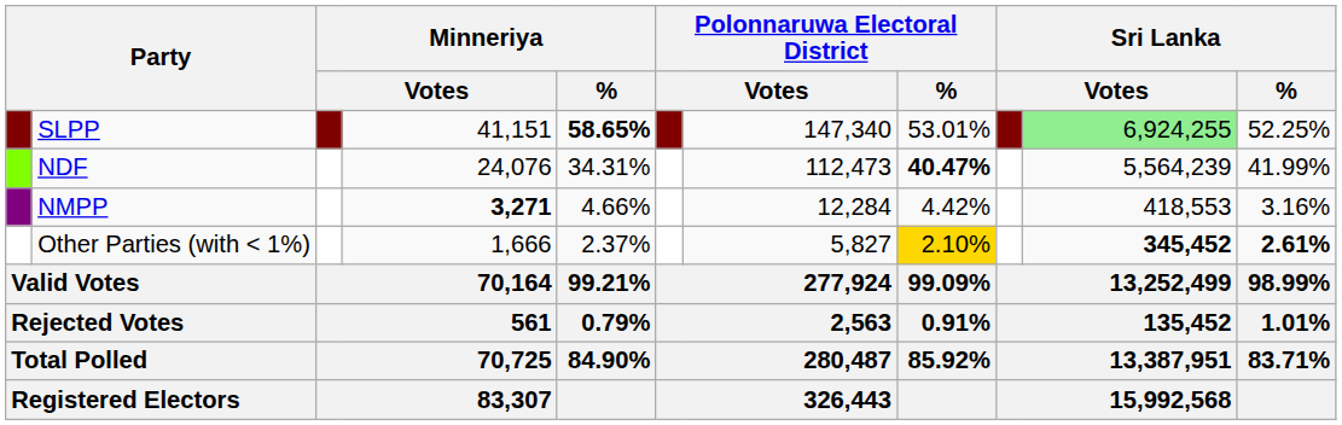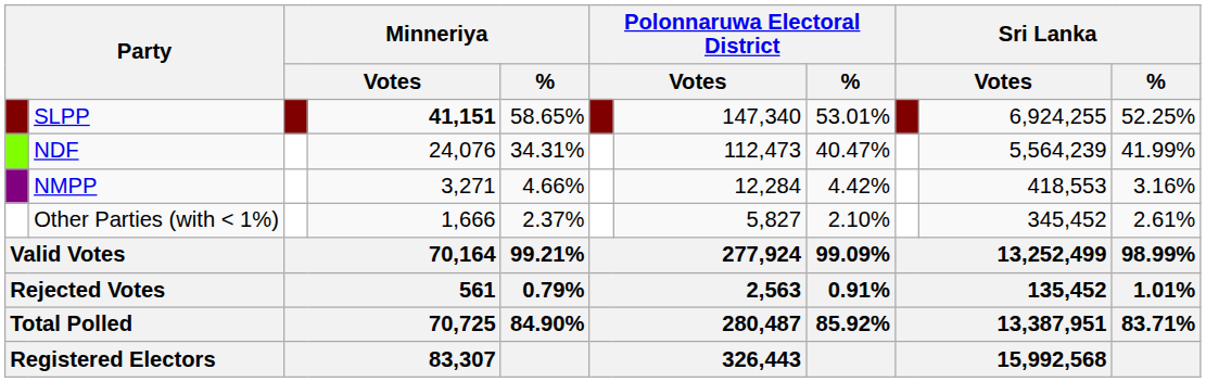 <table class="wikitable">
 <tr>
 <th colspan="2" width="144px"rowspan="2">Party</th>
 <th colspan="3" width="216px">Minneriya</th>
 <th colspan="3" width="216px"><a href='#'>Polonnaruwa Electoral District</a></th>
 <th colspan="3" width="216px">Sri Lanka</th>
 </tr>
 <tr>
 <th colspan="2" width="144px">Votes</th>
 <th>%</th>
 <th colspan="2" width="144px">Votes</th>
 <th>%</th>
 <th colspan="2" width="144px">Votes</th>
 <th>%</th>
 </tr>
 <tr>
 <td style="background-color:maroon;" width="10px"></td>
 <td style="text-align:left;"><a href='#'>SLPP</a></td>
 <td style="background-color:maroon;" width="10px"></td>
-<td style="text-align:right;">41,151</td>
-<td style="text-align:right;"><strong>58.65%</strong></td>
+<td style="text-align:right;"><strong>41,151</strong></td>
+<td style="text-align:right;">58.65%</td>
 <td style="background-color:maroon;" width="10px"></td>
 <td style="text-align:right;">147,340</td>
 <td style="text-align:right;">53.01%</td>
 <td style="background-color:maroon;" width="10px"></td>
-<td style="background: lightgreen; text-align:right;">6,924,255</td>
+<td style="text-align:right;">6,924,255</td>
 <td style="text-align:right;">52.25%</td>
 </tr>
 <tr>
 <td style="background-color:chartreuse;" width="10px"></td>
 <td style="text-align:left;"><a href='#'>NDF</a></td>
 <td style="background-color:white;" width="10px"></td>
 <td style="text-align:right;">24,076</td>
 <td style="text-align:right;">34.31%</td>
 <td style="background-color:white;" width="10px"></td>
 <td style="text-align:right;">112,473</td>
-<td style="text-align:right;"><strong>40.47%</strong></td>
+<td style="text-align:right;">40.47%</td>
 <td style="background-color:white;" width="10px"></td>
 <td style="text-align:right;">5,564,239</td>
 <td style="text-align:right;">41.99%</td>
 </tr>
 <tr>
 <td style="background-color:purple;" width="10px"></td>
 <td style="text-align:left;"><a href='#'>NMPP</a></td>
 <td style="background-color:white;" width="10px"></td>
-<td style="text-align:right;"><strong>3,271</strong></td>
+<td style="text-align:right;">3,271</td>
 <td style="text-align:right;">4.66%</td>
 <td style="background-color:white;" width="10px"></td>
 <td style="text-align:right;">12,284</td>
 <td style="text-align:right;">4.42%</td>
 <td style="background-color:white;" width="10px"></td>
 <td style="text-align:right;">418,553</td>
 <td style="text-align:right;">3.16%</td>
 </tr>
 <tr>
 <td style="background-color:white;" width="10px"></td>
 <td style="text-align:left;">Other Parties (with < 1%)</td>
 <td style="background-color:white;" width="10px"></td>
 <td style="text-align:right;">1,666</td>
 <td style="text-align:right;">2.37%</td>
 <td style="background-color:white;" width="10px"></td>
 <td style="text-align:right;">5,827</td>
-<td style="background: gold; text-align:right;">2.10%</td>
+<td style="text-align:right;">2.10%</td>
 <td style="background-color:white;" width="10px"></td>
-<td style="text-align:right;"><strong>345,452</strong></td>
-<td style="text-align:right;"><strong>2.61%</strong></td>
+<td style="text-align:right;">345,452</td>
+<td style="text-align:right;">2.61%</td>
 </tr>
 <tr>
 <th colspan="2" width="144px"style="text-align:left;">Valid Votes</th>
 <th style="text-align:right;"colspan="2" width="144px">70,164</th>
 <th style="text-align:right;">99.21%</th>
 <th style="text-align:right;"colspan="2" width="144px">277,924</th>
 <th style="text-align:right;">99.09%</th>
 <th style="text-align:right;"colspan="2" width="144px">13,252,499</th>
 <th style="text-align:right;">98.99%</th>
 </tr>
 <tr>
 <th colspan="2" width="144px"style="text-align:left;">Rejected Votes</th>
 <th style="text-align:right;"colspan="2" width="144px">561</th>
 <th style="text-align:right;">0.79%</th>
 <th style="text-align:right;"colspan="2" width="144px">2,563</th>
 <th style="text-align:right;">0.91%</th>
 <th style="text-align:right;"colspan="2" width="144px">135,452</th>
 <th style="text-align:right;">1.01%</th>
 </tr>
 <tr>
 <th colspan="2" width="144px"style="text-align:left;">Total Polled</th>
 <th style="text-align:right;"colspan="2" width="144px">70,725</th>
 <th style="text-align:right;">84.90%</th>
 <th style="text-align:right;"colspan="2" width="144px">280,487</th>
 <th style="text-align:right;">85.92%</th>
 <th style="text-align:right;"colspan="2" width="144px">13,387,951</th>
 <th style="text-align:right;">83.71%</th>
 </tr>
 <tr>
 <th colspan="2" width="144px"style="text-align:left;">Registered Electors</th>
 <th style="text-align:right;"colspan="2" width="144px">83,307</th>
 <th></th>
 <th style="text-align:right;"colspan="2" width="144px">326,443</th>
 <th></th>
 <th style="text-align:right;"colspan="2" width="144px">15,992,568</th>
 <th></th>
 </tr>
 </table>
